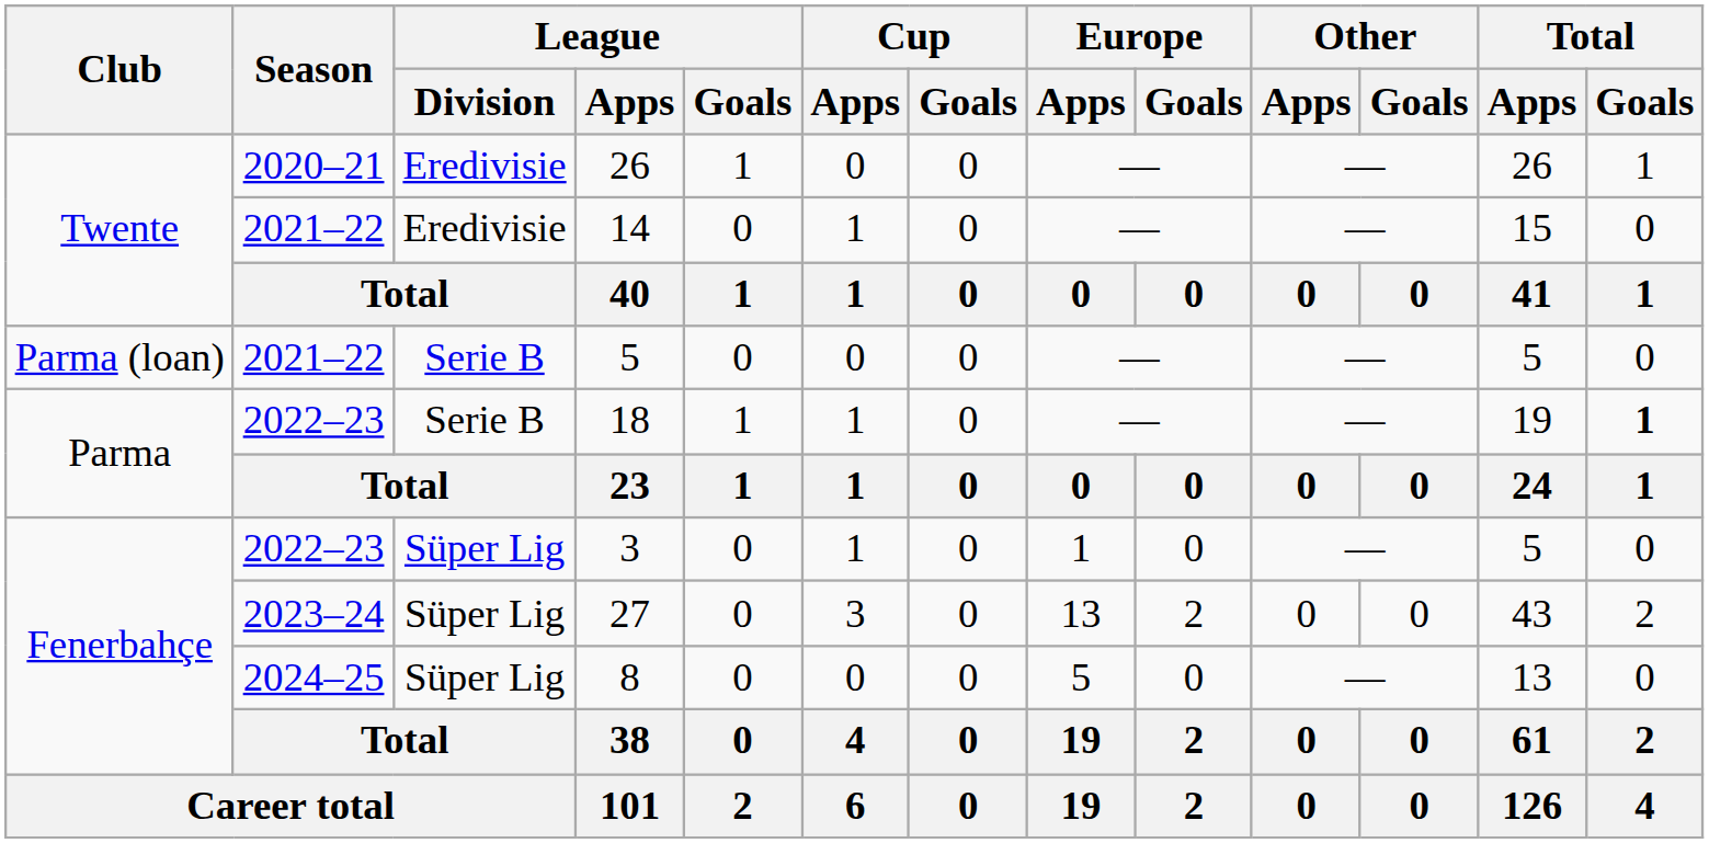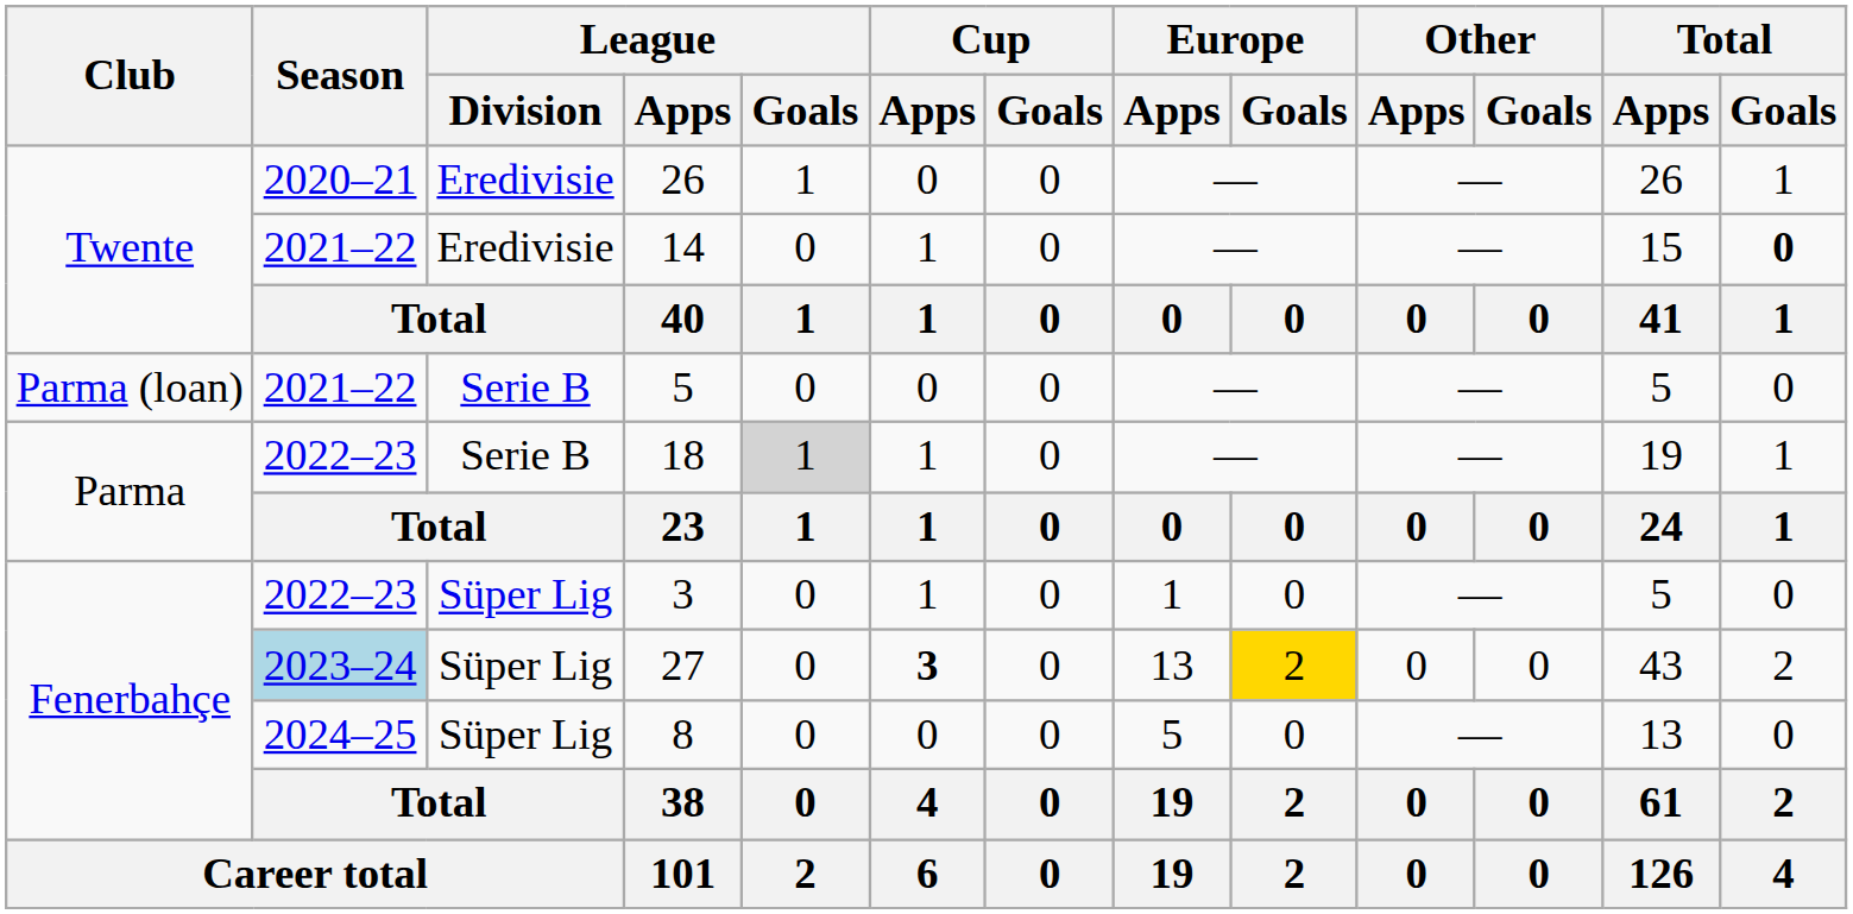 <table class="wikitable" style="text-align: center;">
 <tr>
 <th rowspan="2">Club</th>
 <th rowspan="2">Season</th>
 <th colspan="3">League</th>
 <th colspan="2">Cup</th>
 <th colspan="2">Europe</th>
 <th colspan="2">Other</th>
 <th colspan="2">Total</th>
 </tr>
 <tr>
 <th>Division</th>
 <th>Apps</th>
 <th>Goals</th>
 <th>Apps</th>
 <th>Goals</th>
 <th>Apps</th>
 <th>Goals</th>
 <th>Apps</th>
 <th>Goals</th>
 <th>Apps</th>
 <th>Goals</th>
 </tr>
 <tr>
 <td rowspan="3"><a href='#'>Twente</a></td>
 <td><a href='#'>2020–21</a></td>
 <td><a href='#'>Eredivisie</a></td>
 <td>26</td>
 <td>1</td>
 <td>0</td>
 <td>0</td>
 <td colspan="2">—</td>
 <td colspan="2">—</td>
 <td>26</td>
 <td>1</td>
 </tr>
 <tr>
 <td><a href='#'>2021–22</a></td>
 <td>Eredivisie</td>
 <td>14</td>
 <td>0</td>
 <td>1</td>
 <td>0</td>
 <td colspan="2">—</td>
 <td colspan="2">—</td>
 <td>15</td>
-<td>0</td>
+<td><strong>0</strong></td>
 </tr>
 <tr>
 <th colspan="2">Total</th>
 <th>40</th>
 <th>1</th>
 <th>1</th>
 <th>0</th>
 <th>0</th>
 <th>0</th>
 <th>0</th>
 <th>0</th>
 <th>41</th>
 <th>1</th>
 </tr>
 <tr>
 <td><a href='#'>Parma</a> (loan)</td>
 <td><a href='#'>2021–22</a></td>
 <td><a href='#'>Serie B</a></td>
 <td>5</td>
 <td>0</td>
 <td>0</td>
 <td>0</td>
 <td colspan="2">—</td>
 <td colspan="2">—</td>
 <td>5</td>
 <td>0</td>
 </tr>
 <tr>
 <td rowspan="2">Parma</td>
 <td><a href='#'>2022–23</a></td>
 <td>Serie B</td>
 <td>18</td>
-<td>1</td>
+<td style="background: lightgrey;">1</td>
 <td>1</td>
 <td>0</td>
 <td colspan="2">—</td>
 <td colspan="2">—</td>
 <td>19</td>
-<td><strong>1</strong></td>
+<td>1</td>
 </tr>
 <tr>
 <th colspan="2">Total</th>
 <th>23</th>
 <th>1</th>
 <th>1</th>
 <th>0</th>
 <th>0</th>
 <th>0</th>
 <th>0</th>
 <th>0</th>
 <th>24</th>
 <th>1</th>
 </tr>
 <tr>
 <td rowspan="4"><a href='#'>Fenerbahçe</a></td>
 <td><a href='#'>2022–23</a></td>
 <td><a href='#'>Süper Lig</a></td>
 <td>3</td>
 <td>0</td>
 <td>1</td>
 <td>0</td>
 <td>1</td>
 <td>0</td>
 <td colspan="2">—</td>
 <td>5</td>
 <td>0</td>
 </tr>
 <tr>
-<td><a href='#'>2023–24</a></td>
+<td style="background: lightblue;"><a href='#'>2023–24</a></td>
 <td>Süper Lig</td>
 <td>27</td>
 <td>0</td>
-<td>3</td>
+<td><strong>3</strong></td>
 <td>0</td>
 <td>13</td>
-<td>2</td>
+<td style="background: gold;">2</td>
 <td>0</td>
 <td>0</td>
 <td>43</td>
 <td>2</td>
 </tr>
 <tr>
 <td><a href='#'>2024–25</a></td>
 <td>Süper Lig</td>
 <td>8</td>
 <td>0</td>
 <td>0</td>
 <td>0</td>
 <td>5</td>
 <td>0</td>
 <td colspan="2">—</td>
 <td>13</td>
 <td>0</td>
 </tr>
 <tr>
 <th colspan="2">Total</th>
 <th>38</th>
 <th>0</th>
 <th>4</th>
 <th>0</th>
 <th>19</th>
 <th>2</th>
 <th>0</th>
 <th>0</th>
 <th>61</th>
 <th>2</th>
 </tr>
 <tr>
 <th colspan="3">Career total</th>
 <th>101</th>
 <th>2</th>
 <th>6</th>
 <th>0</th>
 <th>19</th>
 <th>2</th>
 <th>0</th>
 <th>0</th>
 <th>126</th>
 <th>4</th>
 </tr>
 </table>
